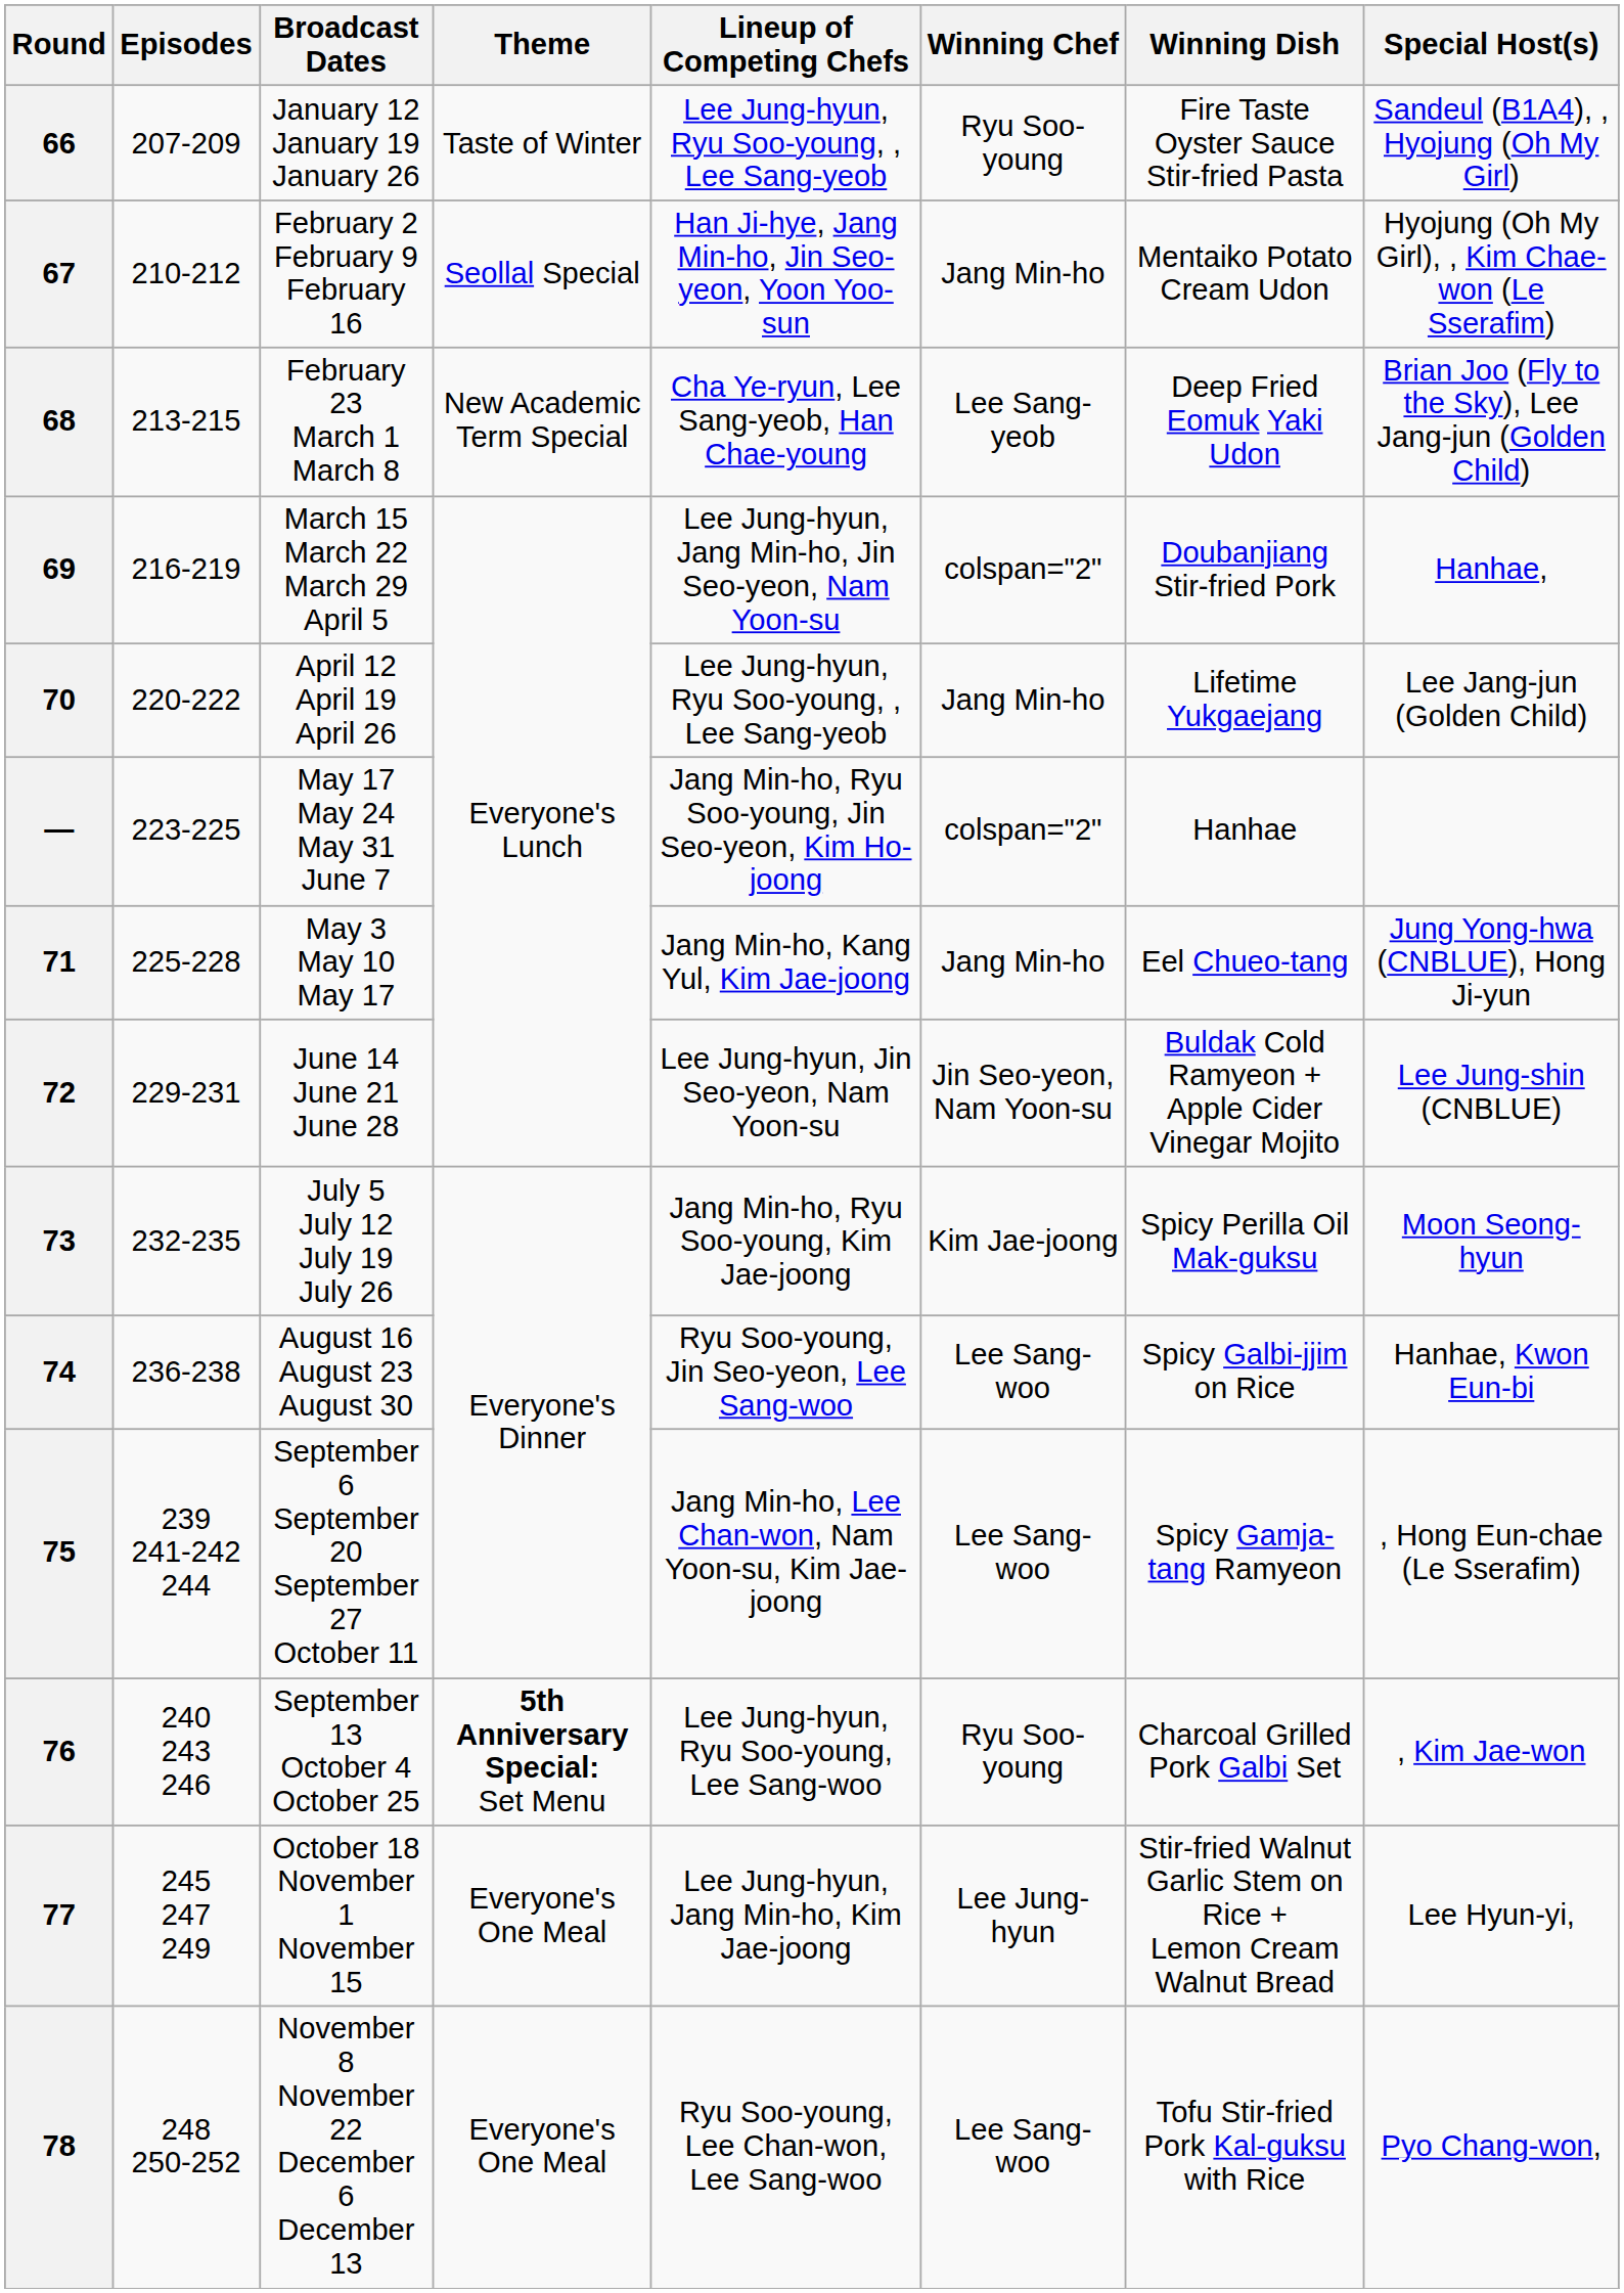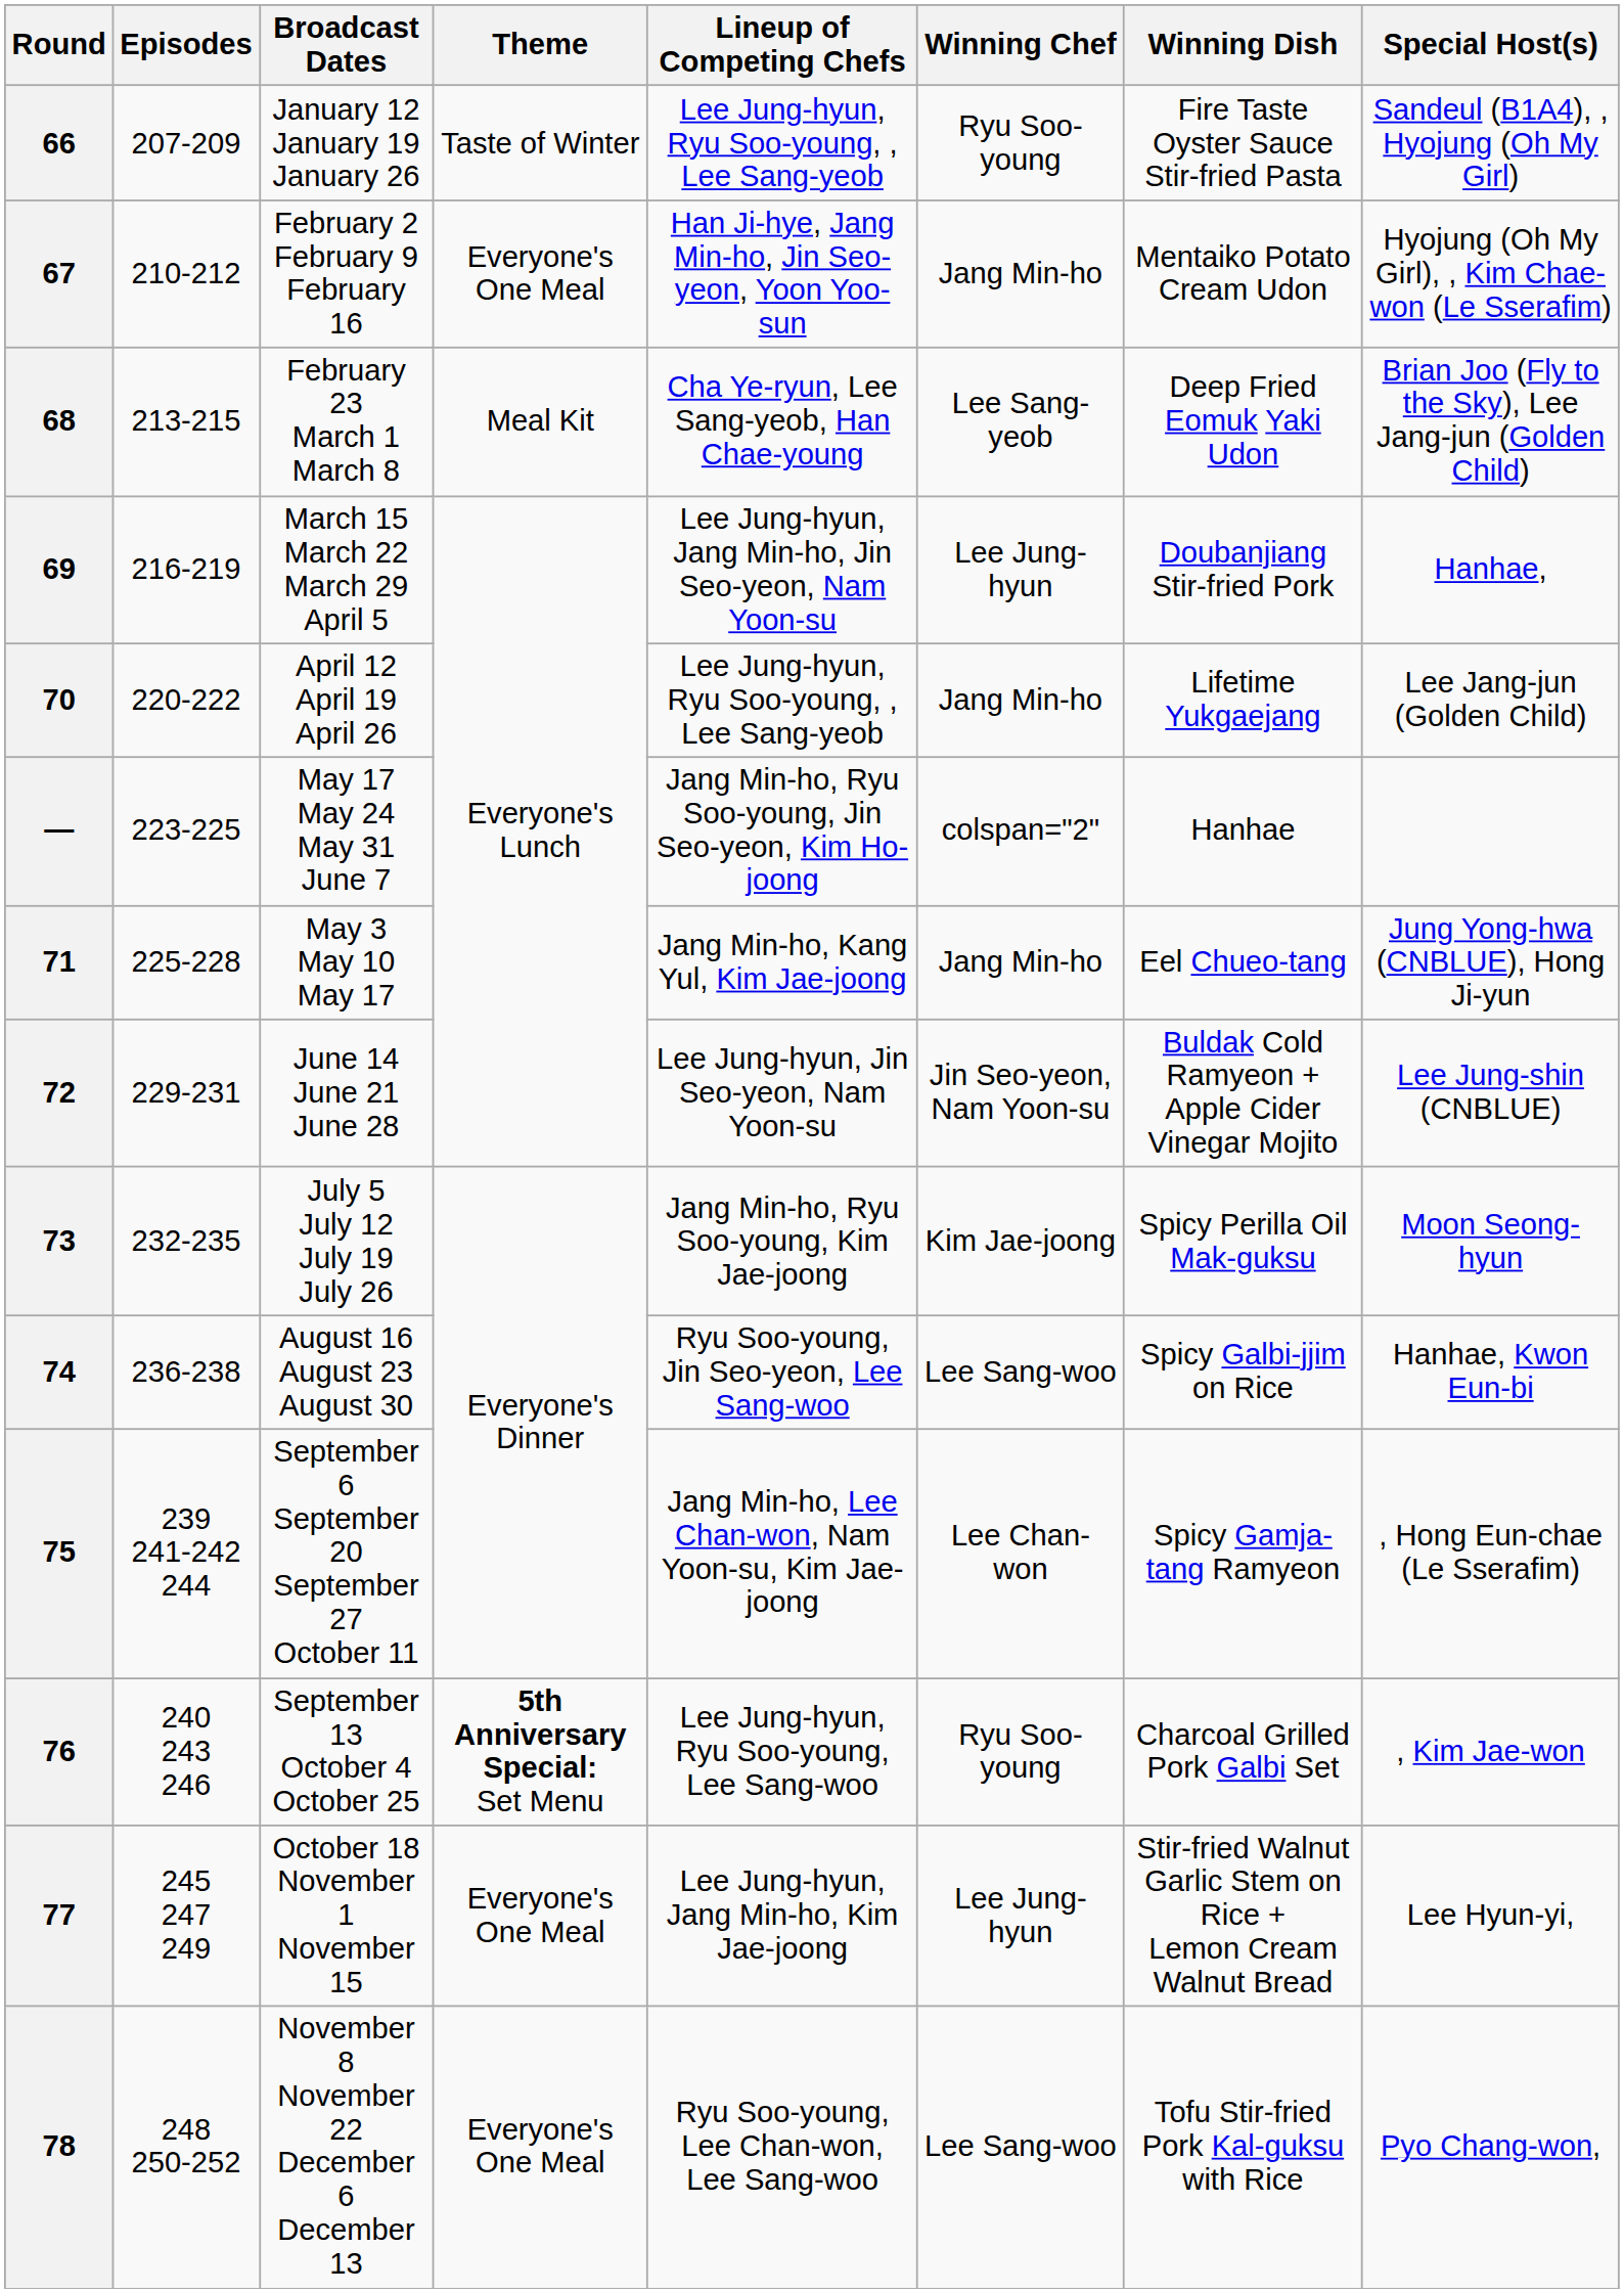 <table class="wikitable" style="text-align:center">
 <tr>
 <th>Round</th>
 <th>Episodes</th>
 <th>Broadcast Dates</th>
 <th>Theme</th>
 <th>Lineup of Competing Chefs</th>
 <th>Winning Chef</th>
 <th>Winning Dish</th>
 <th>Special Host(s)</th>
 </tr>
 <tr>
 <th>66</th>
 <td>207-209</td>
 <td>January 12<br>January 19<br>January 26</td>
 <td>Taste of Winter</td>
 <td><a href='#'>Lee Jung-hyun</a>, <a href='#'>Ryu Soo-young</a>, , <a href='#'>Lee Sang-yeob</a></td>
 <td>Ryu Soo-young</td>
 <td>Fire Taste Oyster Sauce Stir-fried Pasta</td>
 <td><a href='#'>Sandeul</a> (<a href='#'>B1A4</a>), , <a href='#'>Hyojung</a> (<a href='#'>Oh My Girl</a>)</td>
 </tr>
 <tr>
 <th>67</th>
 <td>210-212</td>
 <td>February 2<br>February 9<br>February 16</td>
-<td><a href='#'>Seollal</a> Special</td>
+<td>Everyone's One Meal</td>
 <td><a href='#'>Han Ji-hye</a>, <a href='#'>Jang Min-ho</a>, <a href='#'>Jin Seo-yeon</a>, <a href='#'>Yoon Yoo-sun</a></td>
 <td>Jang Min-ho</td>
 <td>Mentaiko Potato Cream Udon</td>
 <td>Hyojung (Oh My Girl), , <a href='#'>Kim Chae-won</a> (<a href='#'>Le Sserafim</a>)</td>
 </tr>
 <tr>
 <th>68</th>
 <td>213-215</td>
 <td>February 23<br>March 1<br>March 8</td>
-<td>New Academic Term Special</td>
+<td>Meal Kit</td>
 <td><a href='#'>Cha Ye-ryun</a>, Lee Sang-yeob, <a href='#'>Han Chae-young</a></td>
 <td>Lee Sang-yeob</td>
 <td>Deep Fried <a href='#'>Eomuk</a> <a href='#'>Yaki</a> <a href='#'>Udon</a></td>
 <td><a href='#'>Brian Joo</a> (<a href='#'>Fly to the Sky</a>), Lee Jang-jun (<a href='#'>Golden Child</a>)</td>
 </tr>
 <tr>
 <th>69</th>
 <td>216-219</td>
 <td>March 15<br>March 22<br>March 29<br>April 5</td>
 <td rowspan="5">Everyone's Lunch</td>
 <td>Lee Jung-hyun, Jang Min-ho, Jin Seo-yeon, <a href='#'>Nam Yoon-su</a></td>
-<td>colspan="2" </td>
+<td>Lee Jung-hyun</td>
 <td><a href='#'>Doubanjiang</a> Stir-fried Pork</td>
 <td><a href='#'>Hanhae</a>, </td>
 </tr>
 <tr>
 <th>70</th>
 <td>220-222</td>
 <td>April 12<br>April 19<br>April 26</td>
 <td>Lee Jung-hyun, Ryu Soo-young, , Lee Sang-yeob</td>
 <td>Jang Min-ho</td>
 <td>Lifetime <a href='#'>Yukgaejang</a></td>
 <td>Lee Jang-jun (Golden Child)</td>
 </tr>
 <tr>
 <th>—</th>
 <td>223-225</td>
 <td>May 17<br>May 24<br>May 31<br>June 7</td>
 <td>Jang Min-ho, Ryu Soo-young, Jin Seo-yeon, <a href='#'>Kim Ho-joong</a></td>
 <td>colspan="2" </td>
 <td>Hanhae</td>
 </tr>
 <tr>
 <th>71</th>
 <td>225-228</td>
 <td>May 3<br>May 10<br>May 17</td>
 <td>Jang Min-ho, Kang Yul, <a href='#'>Kim Jae-joong</a></td>
 <td>Jang Min-ho</td>
 <td>Eel <a href='#'>Chueo-tang</a></td>
 <td><a href='#'>Jung Yong-hwa</a> (<a href='#'>CNBLUE</a>), Hong Ji-yun</td>
 </tr>
 <tr>
 <th>72</th>
 <td>229-231</td>
 <td>June 14<br>June 21<br>June 28</td>
 <td>Lee Jung-hyun, Jin Seo-yeon, Nam Yoon-su</td>
 <td>Jin Seo-yeon, Nam Yoon-su</td>
 <td><a href='#'>Buldak</a> Cold Ramyeon +<br>Apple Cider Vinegar Mojito</td>
 <td><a href='#'>Lee Jung-shin</a> (CNBLUE)</td>
 </tr>
 <tr>
 <th>73</th>
 <td>232-235</td>
 <td>July 5<br>July 12<br>July 19<br>July 26</td>
 <td rowspan="3">Everyone's Dinner</td>
 <td>Jang Min-ho, Ryu Soo-young, Kim Jae-joong</td>
 <td>Kim Jae-joong</td>
 <td>Spicy Perilla Oil <a href='#'>Mak-guksu</a></td>
 <td><a href='#'>Moon Seong-hyun</a></td>
 </tr>
 <tr>
 <th>74</th>
 <td>236-238</td>
 <td>August 16<br>August 23<br>August 30</td>
 <td>Ryu Soo-young, Jin Seo-yeon, <a href='#'>Lee Sang-woo</a></td>
 <td>Lee Sang-woo</td>
 <td>Spicy <a href='#'>Galbi-jjim</a> on Rice</td>
 <td>Hanhae, <a href='#'>Kwon Eun-bi</a></td>
 </tr>
 <tr>
 <th>75</th>
 <td>239<br>241-242<br>244</td>
 <td>September 6<br>September 20<br>September 27<br>October 11</td>
 <td>Jang Min-ho, <a href='#'>Lee Chan-won</a>, Nam Yoon-su, Kim Jae-joong</td>
-<td>Lee Sang-woo</td>
+<td>Lee Chan-won</td>
 <td>Spicy <a href='#'>Gamja-tang</a> Ramyeon</td>
 <td>, Hong Eun-chae (Le Sserafim)</td>
 </tr>
 <tr>
 <th>76</th>
 <td>240<br>243<br>246</td>
 <td>September 13<br>October 4<br>October 25</td>
 <td><strong>5th Anniversary Special:</strong><br>Set Menu</td>
 <td>Lee Jung-hyun, Ryu Soo-young, Lee Sang-woo</td>
 <td>Ryu Soo-young</td>
 <td>Charcoal Grilled Pork <a href='#'>Galbi</a> Set</td>
 <td>, <a href='#'>Kim Jae-won</a></td>
 </tr>
 <tr>
 <th>77</th>
 <td>245<br>247<br>249</td>
 <td>October 18<br>November 1<br>November 15</td>
 <td>Everyone's One Meal</td>
 <td>Lee Jung-hyun, Jang Min-ho, Kim Jae-joong</td>
 <td>Lee Jung-hyun</td>
 <td>Stir-fried Walnut Garlic Stem on Rice +<br>Lemon Cream Walnut Bread</td>
 <td>Lee Hyun-yi, </td>
 </tr>
 <tr>
 <th>78</th>
 <td>248<br>250-252</td>
 <td>November 8<br>November 22<br>December 6<br>December 13</td>
 <td>Everyone's One Meal</td>
 <td>Ryu Soo-young, Lee Chan-won, Lee Sang-woo</td>
 <td>Lee Sang-woo</td>
 <td>Tofu Stir-fried Pork <a href='#'>Kal-guksu</a> with Rice</td>
 <td><a href='#'>Pyo Chang-won</a>, </td>
 </tr>
 <tr>
 </tr>
 </table>
